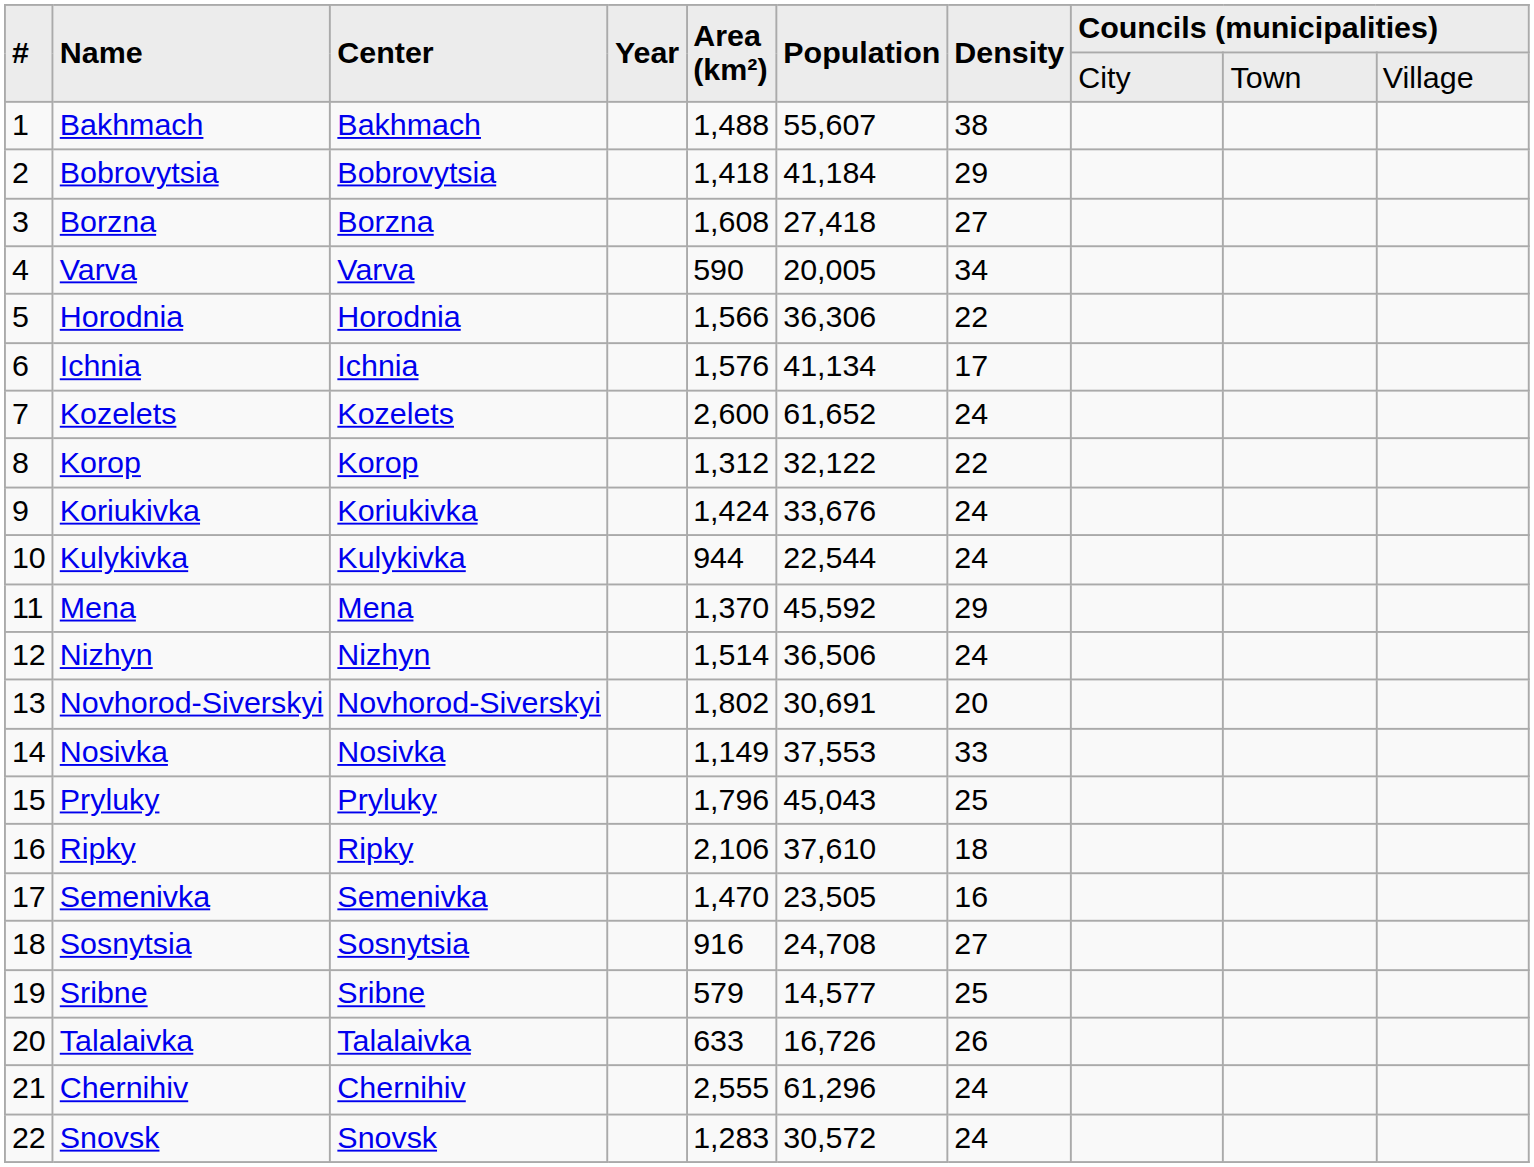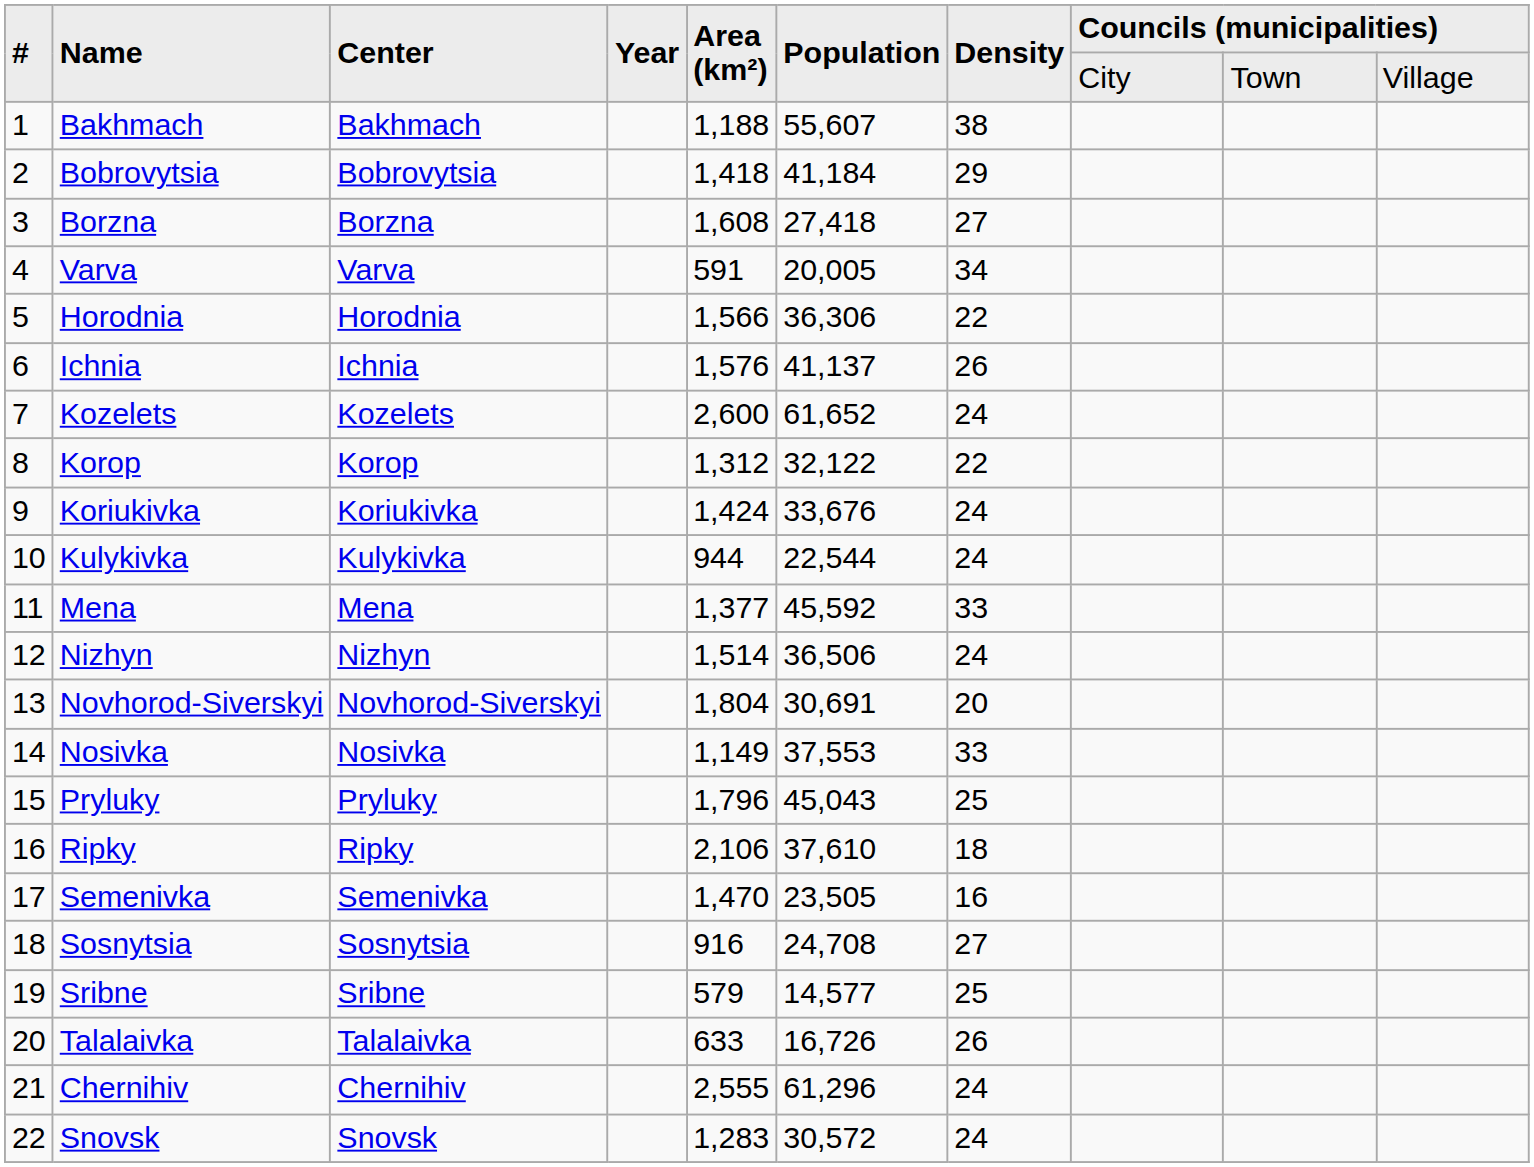 <table class="wikitable">
 <tr bgcolor="#ECECEC">
 <td rowspan=2><strong>#</strong></td>
 <td rowspan=2><strong>Name</strong></td>
 <td rowspan=2><strong>Center</strong></td>
 <td rowspan=2><strong>Year</strong></td>
 <td rowspan=2><strong>Area<br>(km²)</strong></td>
 <td rowspan=2><strong>Population</strong></td>
 <td rowspan=2><strong>Density</strong></td>
 <td colspan=3><strong>Councils (municipalities)</strong></td>
 </tr>
 <tr bgcolor="#ECECEC">
 <td width=10%>City</td>
 <td width=10%>Town</td>
 <td width=10%>Village</td>
 </tr>
 <tr>
 <td>1</td>
 <td><a href='#'>Bakhmach</a></td>
 <td><a href='#'>Bakhmach</a></td>
 <td></td>
-<td>1,488</td>
+<td>1,188</td>
 <td>55,607</td>
 <td>38</td>
 <td></td>
 <td></td>
 <td></td>
 </tr>
 <tr>
 <td>2</td>
 <td><a href='#'>Bobrovytsia</a></td>
 <td><a href='#'>Bobrovytsia</a></td>
 <td></td>
 <td>1,418</td>
 <td>41,184</td>
 <td>29</td>
 <td></td>
 <td></td>
 <td></td>
 </tr>
 <tr>
 <td>3</td>
 <td><a href='#'>Borzna</a></td>
 <td><a href='#'>Borzna</a></td>
 <td></td>
 <td>1,608</td>
 <td>27,418</td>
 <td>27</td>
 <td></td>
 <td></td>
 <td></td>
 </tr>
 <tr>
 <td>4</td>
 <td><a href='#'>Varva</a></td>
 <td><a href='#'>Varva</a></td>
 <td></td>
-<td>590</td>
+<td>591</td>
 <td>20,005</td>
 <td>34</td>
 <td></td>
 <td></td>
 <td></td>
 </tr>
 <tr>
 <td>5</td>
 <td><a href='#'>Horodnia</a></td>
 <td><a href='#'>Horodnia</a></td>
 <td></td>
 <td>1,566</td>
 <td>36,306</td>
 <td>22</td>
 <td></td>
 <td></td>
 <td></td>
 </tr>
 <tr>
 <td>6</td>
 <td><a href='#'>Ichnia</a></td>
 <td><a href='#'>Ichnia</a></td>
 <td></td>
 <td>1,576</td>
-<td>41,134</td>
-<td>17</td>
+<td>41,137</td>
+<td>26</td>
 <td></td>
 <td></td>
 <td></td>
 </tr>
 <tr>
 <td>7</td>
 <td><a href='#'>Kozelets</a></td>
 <td><a href='#'>Kozelets</a></td>
 <td></td>
 <td>2,600</td>
 <td>61,652</td>
 <td>24</td>
 <td></td>
 <td></td>
 <td></td>
 </tr>
 <tr>
 <td>8</td>
 <td><a href='#'>Korop</a></td>
 <td><a href='#'>Korop</a></td>
 <td></td>
 <td>1,312</td>
 <td>32,122</td>
 <td>22</td>
 <td></td>
 <td></td>
 <td></td>
 </tr>
 <tr>
 <td>9</td>
 <td><a href='#'>Koriukivka</a></td>
 <td><a href='#'>Koriukivka</a></td>
 <td></td>
 <td>1,424</td>
 <td>33,676</td>
 <td>24</td>
 <td></td>
 <td></td>
 <td></td>
 </tr>
 <tr>
 <td>10</td>
 <td><a href='#'>Kulykivka</a></td>
 <td><a href='#'>Kulykivka</a></td>
 <td></td>
 <td>944</td>
 <td>22,544</td>
 <td>24</td>
 <td></td>
 <td></td>
 <td></td>
 </tr>
 <tr>
 <td>11</td>
 <td><a href='#'>Mena</a></td>
 <td><a href='#'>Mena</a></td>
 <td></td>
-<td>1,370</td>
+<td>1,377</td>
 <td>45,592</td>
-<td>29</td>
+<td>33</td>
 <td></td>
 <td></td>
 <td></td>
 </tr>
 <tr>
 <td>12</td>
 <td><a href='#'>Nizhyn</a></td>
 <td><a href='#'>Nizhyn</a></td>
 <td></td>
 <td>1,514</td>
 <td>36,506</td>
 <td>24</td>
 <td></td>
 <td></td>
 <td></td>
 </tr>
 <tr>
 <td>13</td>
 <td><a href='#'>Novhorod-Siverskyi</a></td>
 <td><a href='#'>Novhorod-Siverskyi</a></td>
 <td></td>
-<td>1,802</td>
+<td>1,804</td>
 <td>30,691</td>
 <td>20</td>
 <td></td>
 <td></td>
 <td></td>
 </tr>
 <tr>
 <td>14</td>
 <td><a href='#'>Nosivka</a></td>
 <td><a href='#'>Nosivka</a></td>
 <td></td>
 <td>1,149</td>
 <td>37,553</td>
 <td>33</td>
 <td></td>
 <td></td>
 <td></td>
 </tr>
 <tr>
 <td>15</td>
 <td><a href='#'>Pryluky</a></td>
 <td><a href='#'>Pryluky</a></td>
 <td></td>
 <td>1,796</td>
 <td>45,043</td>
 <td>25</td>
 <td></td>
 <td></td>
 <td></td>
 </tr>
 <tr>
 <td>16</td>
 <td><a href='#'>Ripky</a></td>
 <td><a href='#'>Ripky</a></td>
 <td></td>
 <td>2,106</td>
 <td>37,610</td>
 <td>18</td>
 <td></td>
 <td></td>
 <td></td>
 </tr>
 <tr>
 <td>17</td>
 <td><a href='#'>Semenivka</a></td>
 <td><a href='#'>Semenivka</a></td>
 <td></td>
 <td>1,470</td>
 <td>23,505</td>
 <td>16</td>
 <td></td>
 <td></td>
 <td></td>
 </tr>
 <tr>
 <td>18</td>
 <td><a href='#'>Sosnytsia</a></td>
 <td><a href='#'>Sosnytsia</a></td>
 <td></td>
 <td>916</td>
 <td>24,708</td>
 <td>27</td>
 <td></td>
 <td></td>
 <td></td>
 </tr>
 <tr>
 <td>19</td>
 <td><a href='#'>Sribne</a></td>
 <td><a href='#'>Sribne</a></td>
 <td></td>
 <td>579</td>
 <td>14,577</td>
 <td>25</td>
 <td></td>
 <td></td>
 <td></td>
 </tr>
 <tr>
 <td>20</td>
 <td><a href='#'>Talalaivka</a></td>
 <td><a href='#'>Talalaivka</a></td>
 <td></td>
 <td>633</td>
 <td>16,726</td>
 <td>26</td>
 <td></td>
 <td></td>
 <td></td>
 </tr>
 <tr>
 <td>21</td>
 <td><a href='#'>Chernihiv</a></td>
 <td><a href='#'>Chernihiv</a></td>
 <td></td>
 <td>2,555</td>
 <td>61,296</td>
 <td>24</td>
 <td></td>
 <td></td>
 <td></td>
 </tr>
 <tr>
 <td>22</td>
 <td><a href='#'>Snovsk</a></td>
 <td><a href='#'>Snovsk</a></td>
 <td></td>
 <td>1,283</td>
 <td>30,572</td>
 <td>24</td>
 <td></td>
 <td></td>
 <td></td>
 </tr>
 </table>
